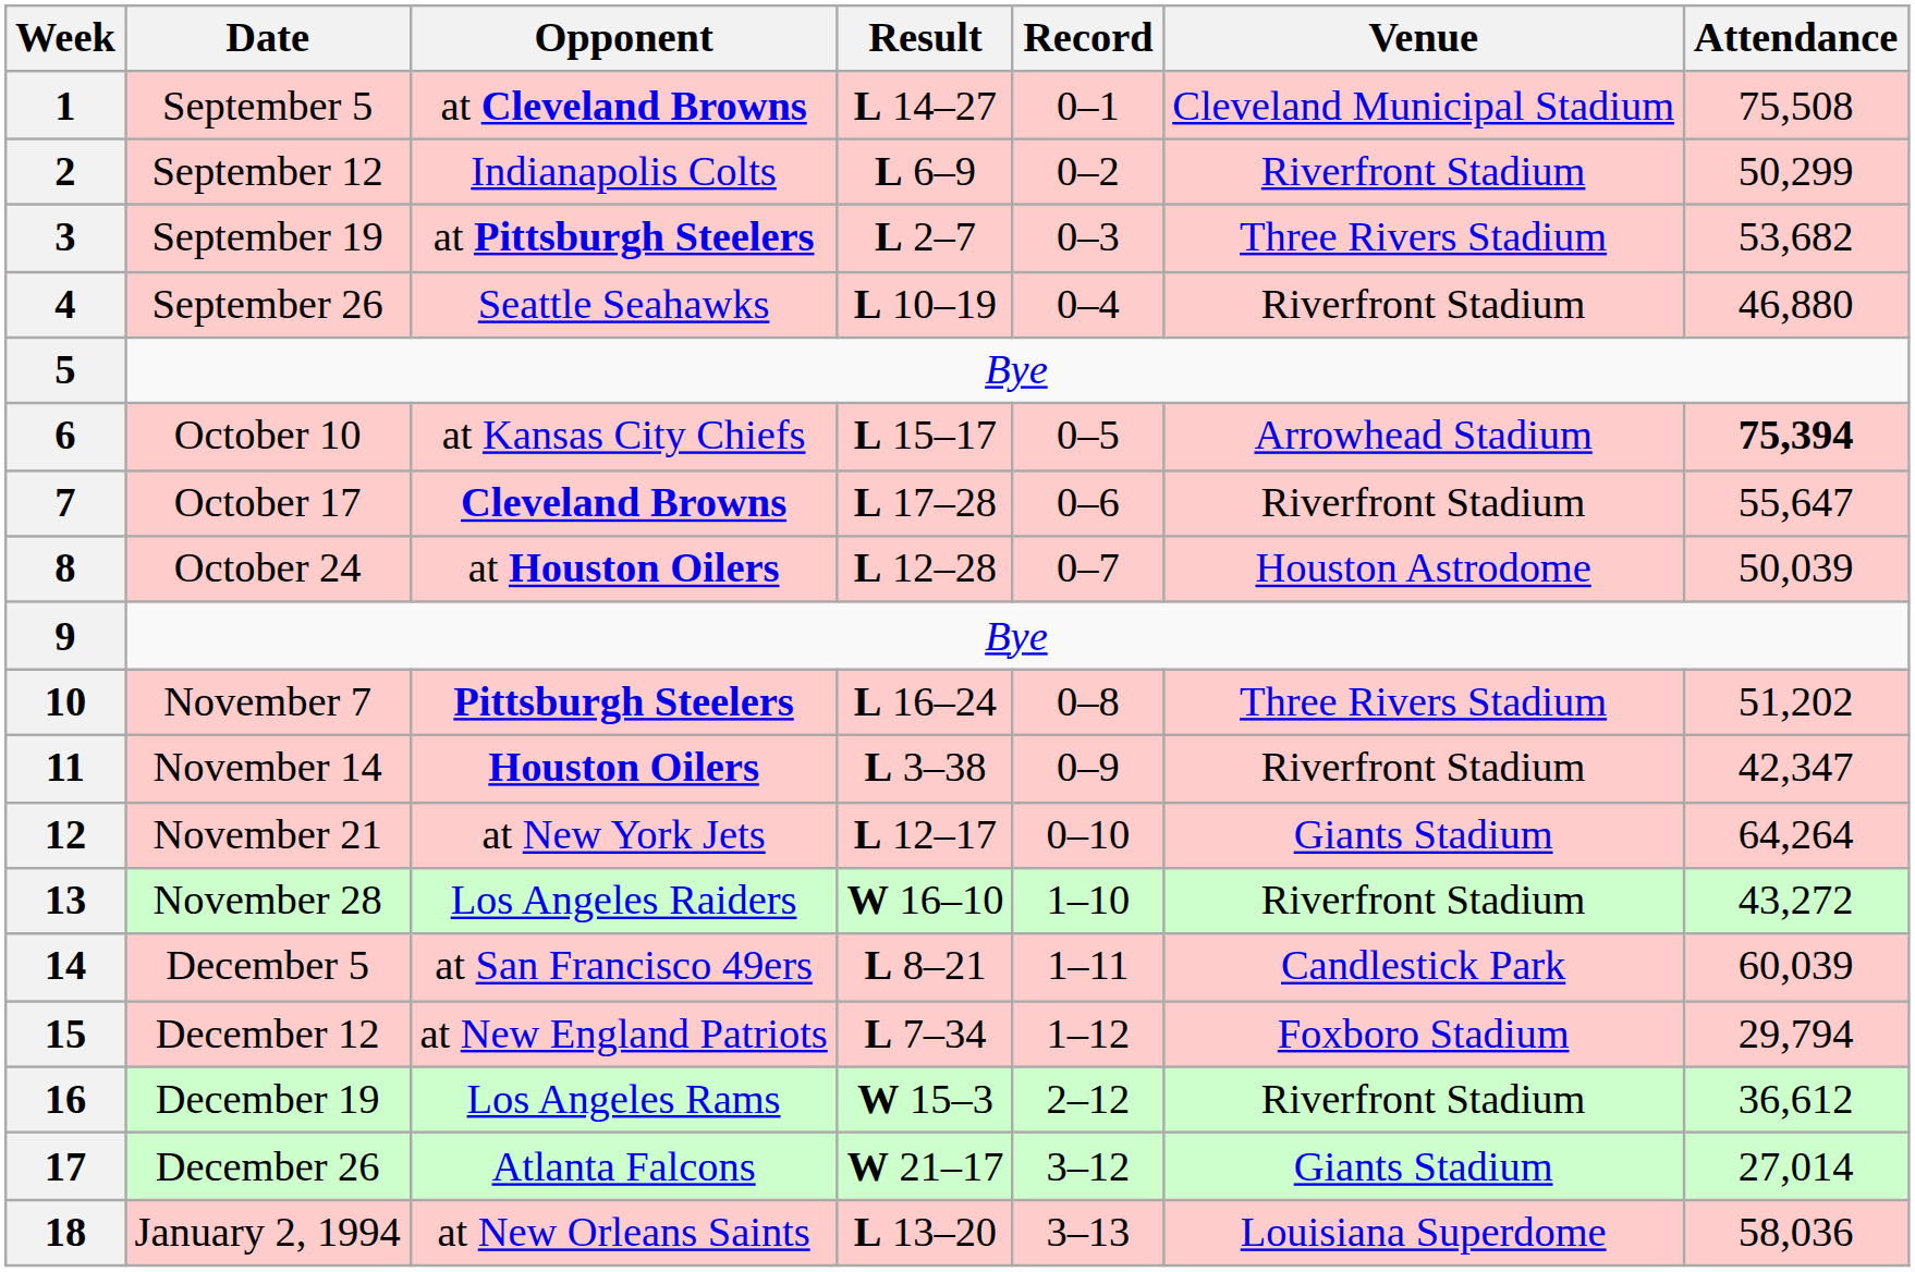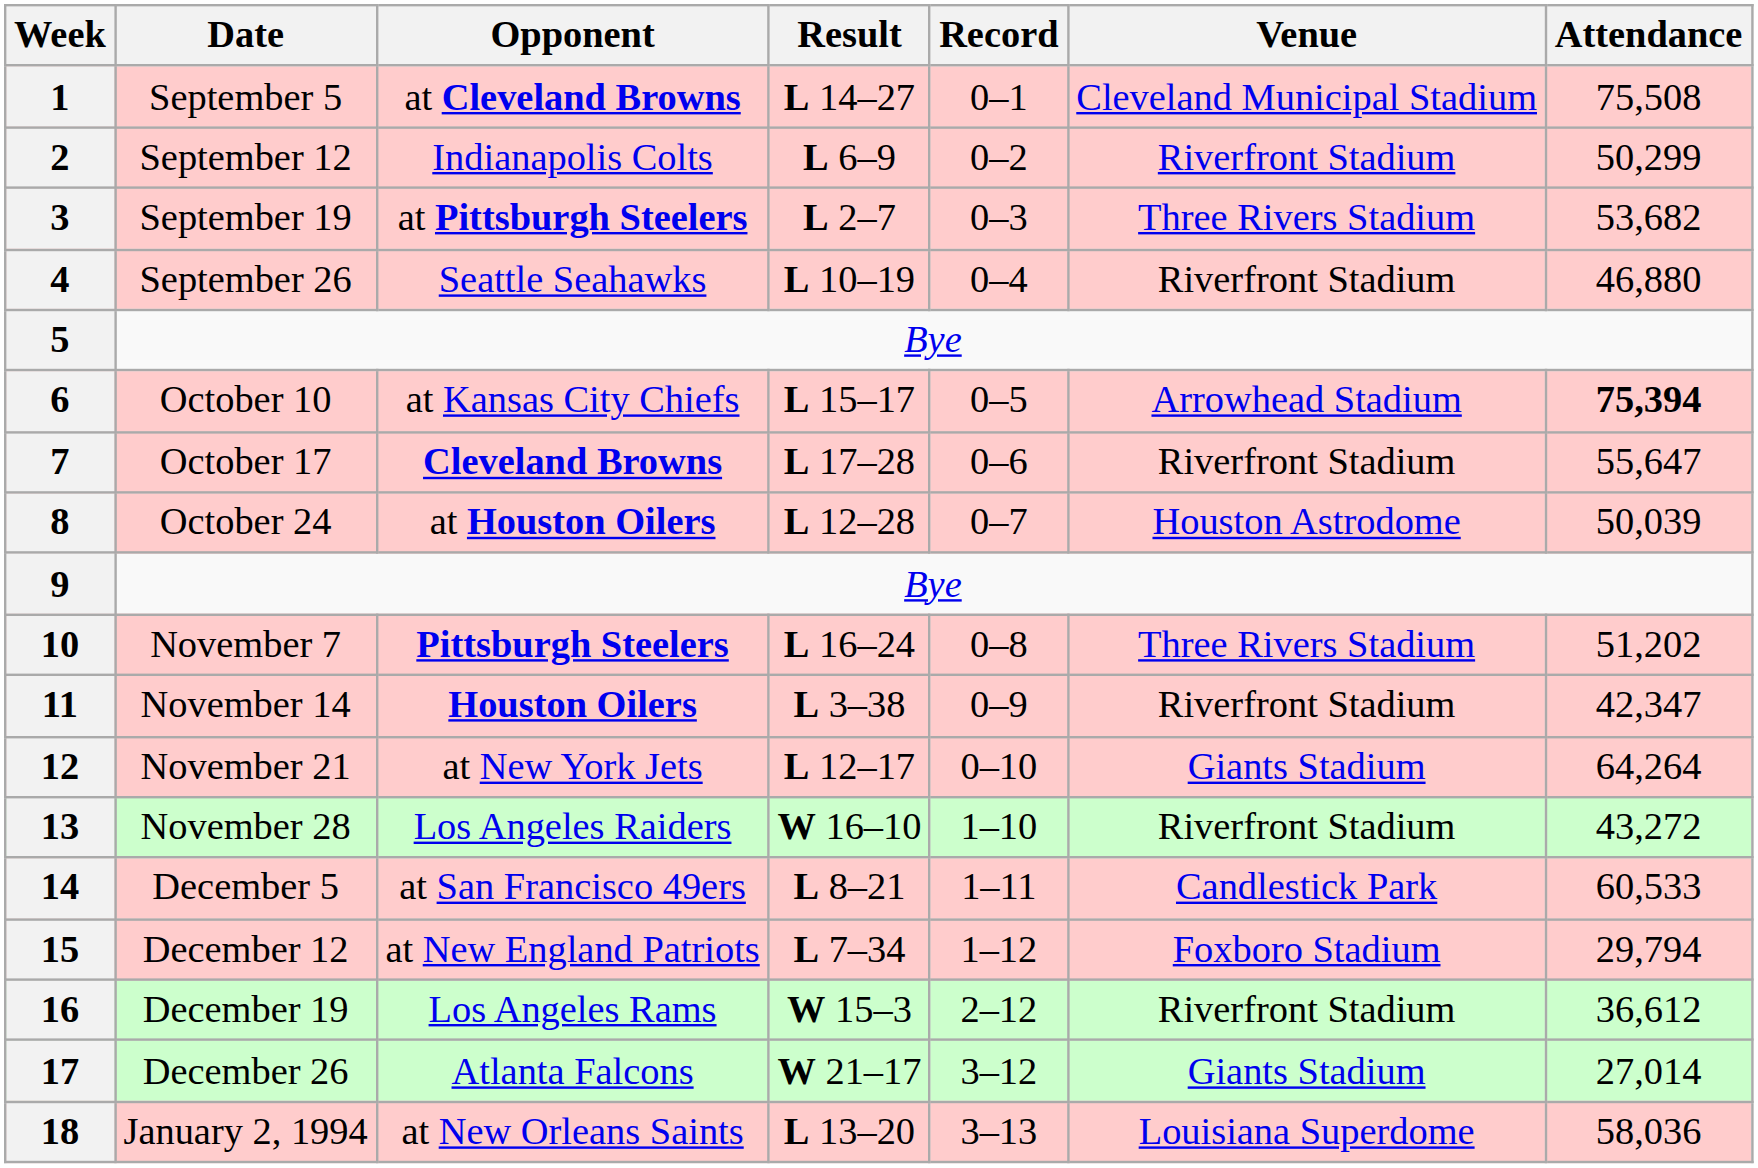 <table class="wikitable" style="text-align:center">
 <tr>
 <th>Week</th>
 <th>Date</th>
 <th>Opponent</th>
 <th>Result</th>
 <th>Record</th>
 <th>Venue</th>
 <th>Attendance</th>
 </tr>
 <tr style="background:#fcc">
 <th>1</th>
 <td>September 5</td>
 <td>at <strong><a href='#'>Cleveland Browns</a></strong></td>
 <td><strong>L</strong> 14–27</td>
 <td>0–1</td>
 <td><a href='#'>Cleveland Municipal Stadium</a></td>
 <td>75,508</td>
 </tr>
 <tr style="background:#fcc">
 <th>2</th>
 <td>September 12</td>
 <td><a href='#'>Indianapolis Colts</a></td>
 <td><strong>L</strong> 6–9</td>
 <td>0–2</td>
 <td><a href='#'>Riverfront Stadium</a></td>
 <td>50,299</td>
 </tr>
 <tr style="background:#fcc">
 <th>3</th>
 <td>September 19</td>
 <td>at <strong><a href='#'>Pittsburgh Steelers</a></strong></td>
 <td><strong>L</strong> 2–7</td>
 <td>0–3</td>
 <td><a href='#'>Three Rivers Stadium</a></td>
 <td>53,682</td>
 </tr>
 <tr style="background:#fcc">
 <th>4</th>
 <td>September 26</td>
 <td><a href='#'>Seattle Seahawks</a></td>
 <td><strong>L</strong> 10–19</td>
 <td>0–4</td>
 <td>Riverfront Stadium</td>
 <td>46,880</td>
 </tr>
 <tr>
 <th>5</th>
 <td colspan=6 align="center"><em><a href='#'>Bye</a></em></td>
 </tr>
 <tr style="background:#fcc">
 <th>6</th>
 <td>October 10</td>
 <td>at <a href='#'>Kansas City Chiefs</a></td>
 <td><strong>L</strong> 15–17</td>
 <td>0–5</td>
 <td><a href='#'>Arrowhead Stadium</a></td>
 <td><strong>75,394</strong></td>
 </tr>
 <tr style="background:#fcc">
 <th>7</th>
 <td>October 17</td>
 <td><strong><a href='#'>Cleveland Browns</a></strong></td>
 <td><strong>L</strong> 17–28</td>
 <td>0–6</td>
 <td>Riverfront Stadium</td>
 <td>55,647</td>
 </tr>
 <tr style="background:#fcc">
 <th>8</th>
 <td>October 24</td>
 <td>at <strong><a href='#'>Houston Oilers</a></strong></td>
 <td><strong>L</strong> 12–28</td>
 <td>0–7</td>
 <td><a href='#'>Houston Astrodome</a></td>
 <td>50,039</td>
 </tr>
 <tr>
 <th>9</th>
 <td colspan=6 align="center"><em><a href='#'>Bye</a></em></td>
 </tr>
 <tr style="background:#fcc">
 <th>10</th>
 <td>November 7</td>
 <td><strong><a href='#'>Pittsburgh Steelers</a></strong></td>
 <td><strong>L</strong> 16–24</td>
 <td>0–8</td>
 <td><a href='#'>Three Rivers Stadium</a></td>
 <td>51,202</td>
 </tr>
 <tr style="background:#fcc">
 <th>11</th>
 <td>November 14</td>
 <td><strong><a href='#'>Houston Oilers</a></strong></td>
 <td><strong>L</strong> 3–38</td>
 <td>0–9</td>
 <td>Riverfront Stadium</td>
 <td>42,347</td>
 </tr>
 <tr style="background:#fcc">
 <th>12</th>
 <td>November 21</td>
 <td>at <a href='#'>New York Jets</a></td>
 <td><strong>L</strong> 12–17</td>
 <td>0–10</td>
 <td><a href='#'>Giants Stadium</a></td>
 <td>64,264</td>
 </tr>
 <tr style="background:#cfc">
 <th>13</th>
 <td>November 28</td>
 <td><a href='#'>Los Angeles Raiders</a></td>
 <td><strong>W</strong> 16–10</td>
 <td>1–10</td>
 <td>Riverfront Stadium</td>
 <td>43,272</td>
 </tr>
 <tr style="background:#fcc">
 <th>14</th>
 <td>December 5</td>
 <td>at <a href='#'>San Francisco 49ers</a></td>
 <td><strong>L</strong> 8–21</td>
 <td>1–11</td>
 <td><a href='#'>Candlestick Park</a></td>
-<td>60,039</td>
+<td>60,533</td>
 </tr>
 <tr style="background:#fcc">
 <th>15</th>
 <td>December 12</td>
 <td>at <a href='#'>New England Patriots</a></td>
 <td><strong>L</strong> 7–34</td>
 <td>1–12</td>
 <td><a href='#'>Foxboro Stadium</a></td>
 <td>29,794</td>
 </tr>
 <tr style="background:#cfc">
 <th>16</th>
 <td>December 19</td>
 <td><a href='#'>Los Angeles Rams</a></td>
 <td><strong>W</strong> 15–3</td>
 <td>2–12</td>
 <td>Riverfront Stadium</td>
 <td>36,612</td>
 </tr>
 <tr style="background:#cfc">
 <th>17</th>
 <td>December 26</td>
 <td><a href='#'>Atlanta Falcons</a></td>
 <td><strong>W</strong> 21–17</td>
 <td>3–12</td>
 <td><a href='#'>Giants Stadium</a></td>
 <td>27,014</td>
 </tr>
 <tr style="background:#fcc">
 <th>18</th>
 <td>January 2, 1994</td>
 <td>at <a href='#'>New Orleans Saints</a></td>
 <td><strong>L</strong> 13–20</td>
 <td>3–13</td>
 <td><a href='#'>Louisiana Superdome</a></td>
 <td>58,036</td>
 </tr>
 </table>
